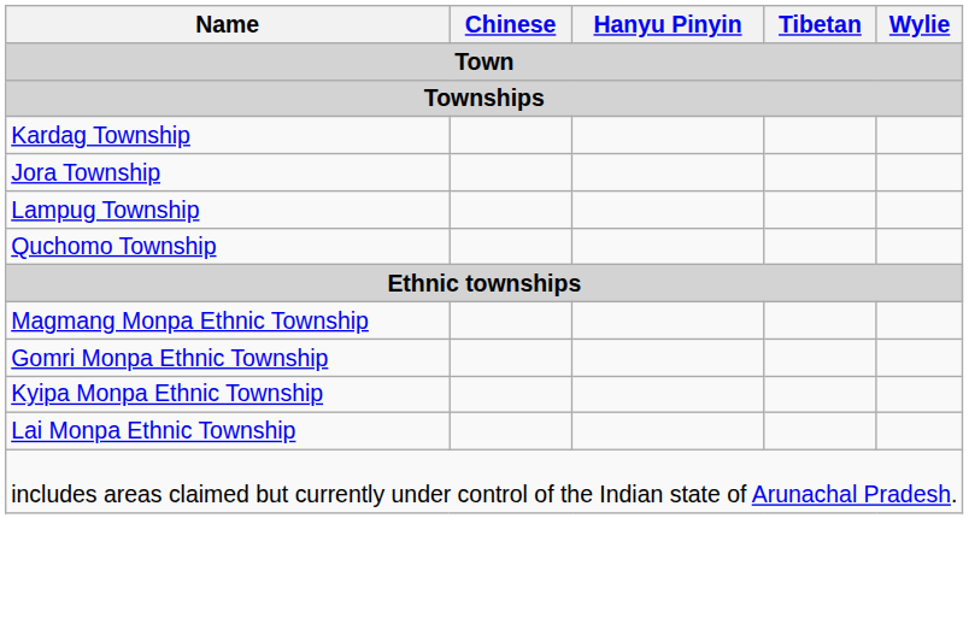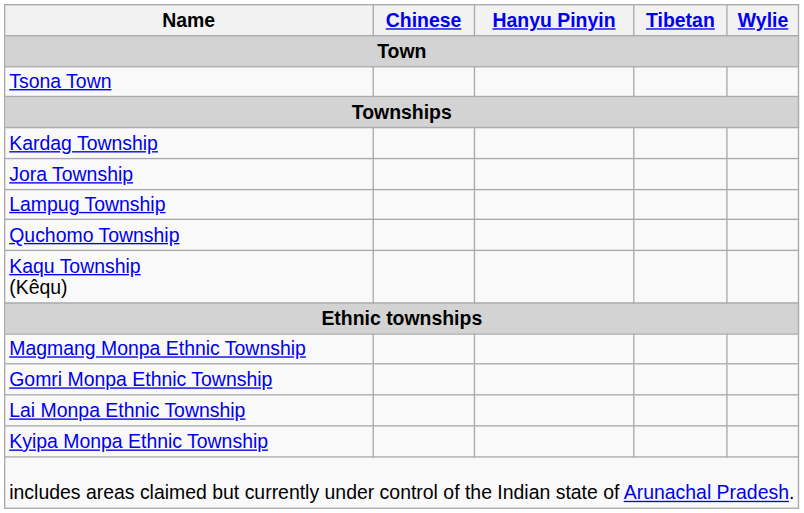 <table class="wikitable"  style="font-size:90%;" align=center>
 <tr>
 <th>Name</th>
 <th><a href='#'>Chinese</a></th>
 <th><a href='#'>Hanyu Pinyin</a></th>
 <th><a href='#'>Tibetan</a></th>
 <th><a href='#'>Wylie</a></th>
 </tr>
 <tr>
 <td colspan="5"  style="text-align:center; background:#d3d3d3;"><strong>Town</strong></td>
+</tr>
+<tr --------->
+<td><a href='#'>Tsona Town</a></td>
+<td></td>
+<td></td>
+<td></td>
+<td></td>
 </tr>
 <tr --------->
 <td colspan="5"  style="text-align:center; background:#d3d3d3;"><strong>Townships</strong></td>
 </tr>
 <tr --------->
 <td><a href='#'>Kardag Township</a></td>
 <td></td>
 <td></td>
 <td></td>
 <td></td>
 </tr>
 <tr>
 <td><a href='#'>Jora Township</a></td>
 <td></td>
 <td></td>
 <td></td>
 <td></td>
 </tr>
 <tr>
 <td><a href='#'>Lampug Township</a></td>
 <td></td>
 <td></td>
 <td></td>
 <td></td>
 </tr>
 <tr>
 <td><a href='#'>Quchomo Township</a></td>
 <td></td>
 <td></td>
 <td></td>
 <td></td>
 </tr>
+<tr>
+<td><a href='#'>Kaqu Township</a><br>(Kêqu)</td>
+<td></td>
+<td></td>
+<td></td>
+<td></td>
+</tr>
 <tr --------->
 <td colspan="5"  style="text-align:center; background:#d3d3d3;"><strong>Ethnic townships</strong></td>
 </tr>
 <tr --------->
 <td><a href='#'>Magmang Monpa Ethnic Township</a></td>
 <td></td>
 <td></td>
 <td></td>
 <td></td>
 </tr>
 <tr>
 <td><a href='#'>Gomri Monpa Ethnic Township</a></td>
 <td></td>
 <td></td>
 <td></td>
 <td></td>
 </tr>
 <tr>
-<td><a href='#'>Kyipa Monpa Ethnic Township</a></td>
+<td><a href='#'>Lai Monpa Ethnic Township</a></td>
 <td></td>
 <td></td>
 <td></td>
 <td></td>
 </tr>
 <tr>
-<td><a href='#'>Lai Monpa Ethnic Township</a></td>
+<td><a href='#'>Kyipa Monpa Ethnic Township</a></td>
 <td></td>
 <td></td>
 <td></td>
 <td></td>
 </tr>
 <tr>
 <td colspan="5"><div><br> includes areas claimed but currently under control of the Indian state of <a href='#'>Arunachal Pradesh</a>. </div></td>
 </tr>
 </table>
